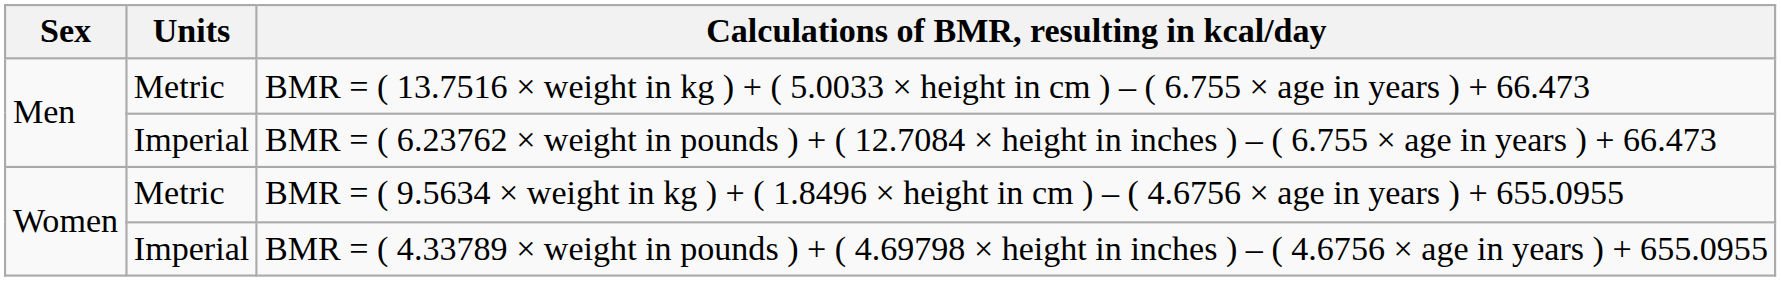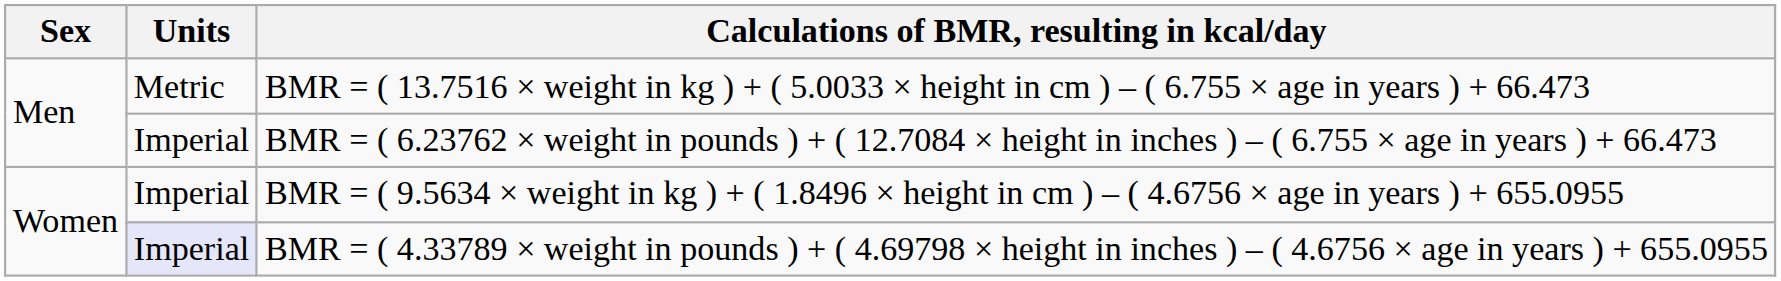 <table class="wikitable">
 <tr>
 <th>Sex</th>
 <th>Units</th>
 <th>Calculations of BMR, resulting in kcal/day</th>
 </tr>
 <tr>
 <td rowspan="2">Men</td>
 <td>Metric</td>
 <td>BMR = ( 13.7516 × weight in kg ) + ( 5.0033 × height in cm ) – ( 6.755 × age in years ) + 66.473</td>
 </tr>
 <tr>
 <td>Imperial</td>
 <td>BMR = ( 6.23762 × weight in pounds ) + ( 12.7084 × height in inches ) – ( 6.755 × age in years ) + 66.473</td>
 </tr>
 <tr>
 <td rowspan="2">Women</td>
-<td>Metric</td>
+<td>Imperial</td>
 <td>BMR = ( 9.5634 × weight in kg ) + ( 1.8496 × height in cm ) – ( 4.6756 × age in years ) + 655.0955</td>
 </tr>
 <tr>
-<td>Imperial</td>
+<td style="background: lavender;">Imperial</td>
 <td>BMR = ( 4.33789 × weight in pounds ) + ( 4.69798 × height in inches ) – ( 4.6756 × age in years ) + 655.0955</td>
 </tr>
 </table>
